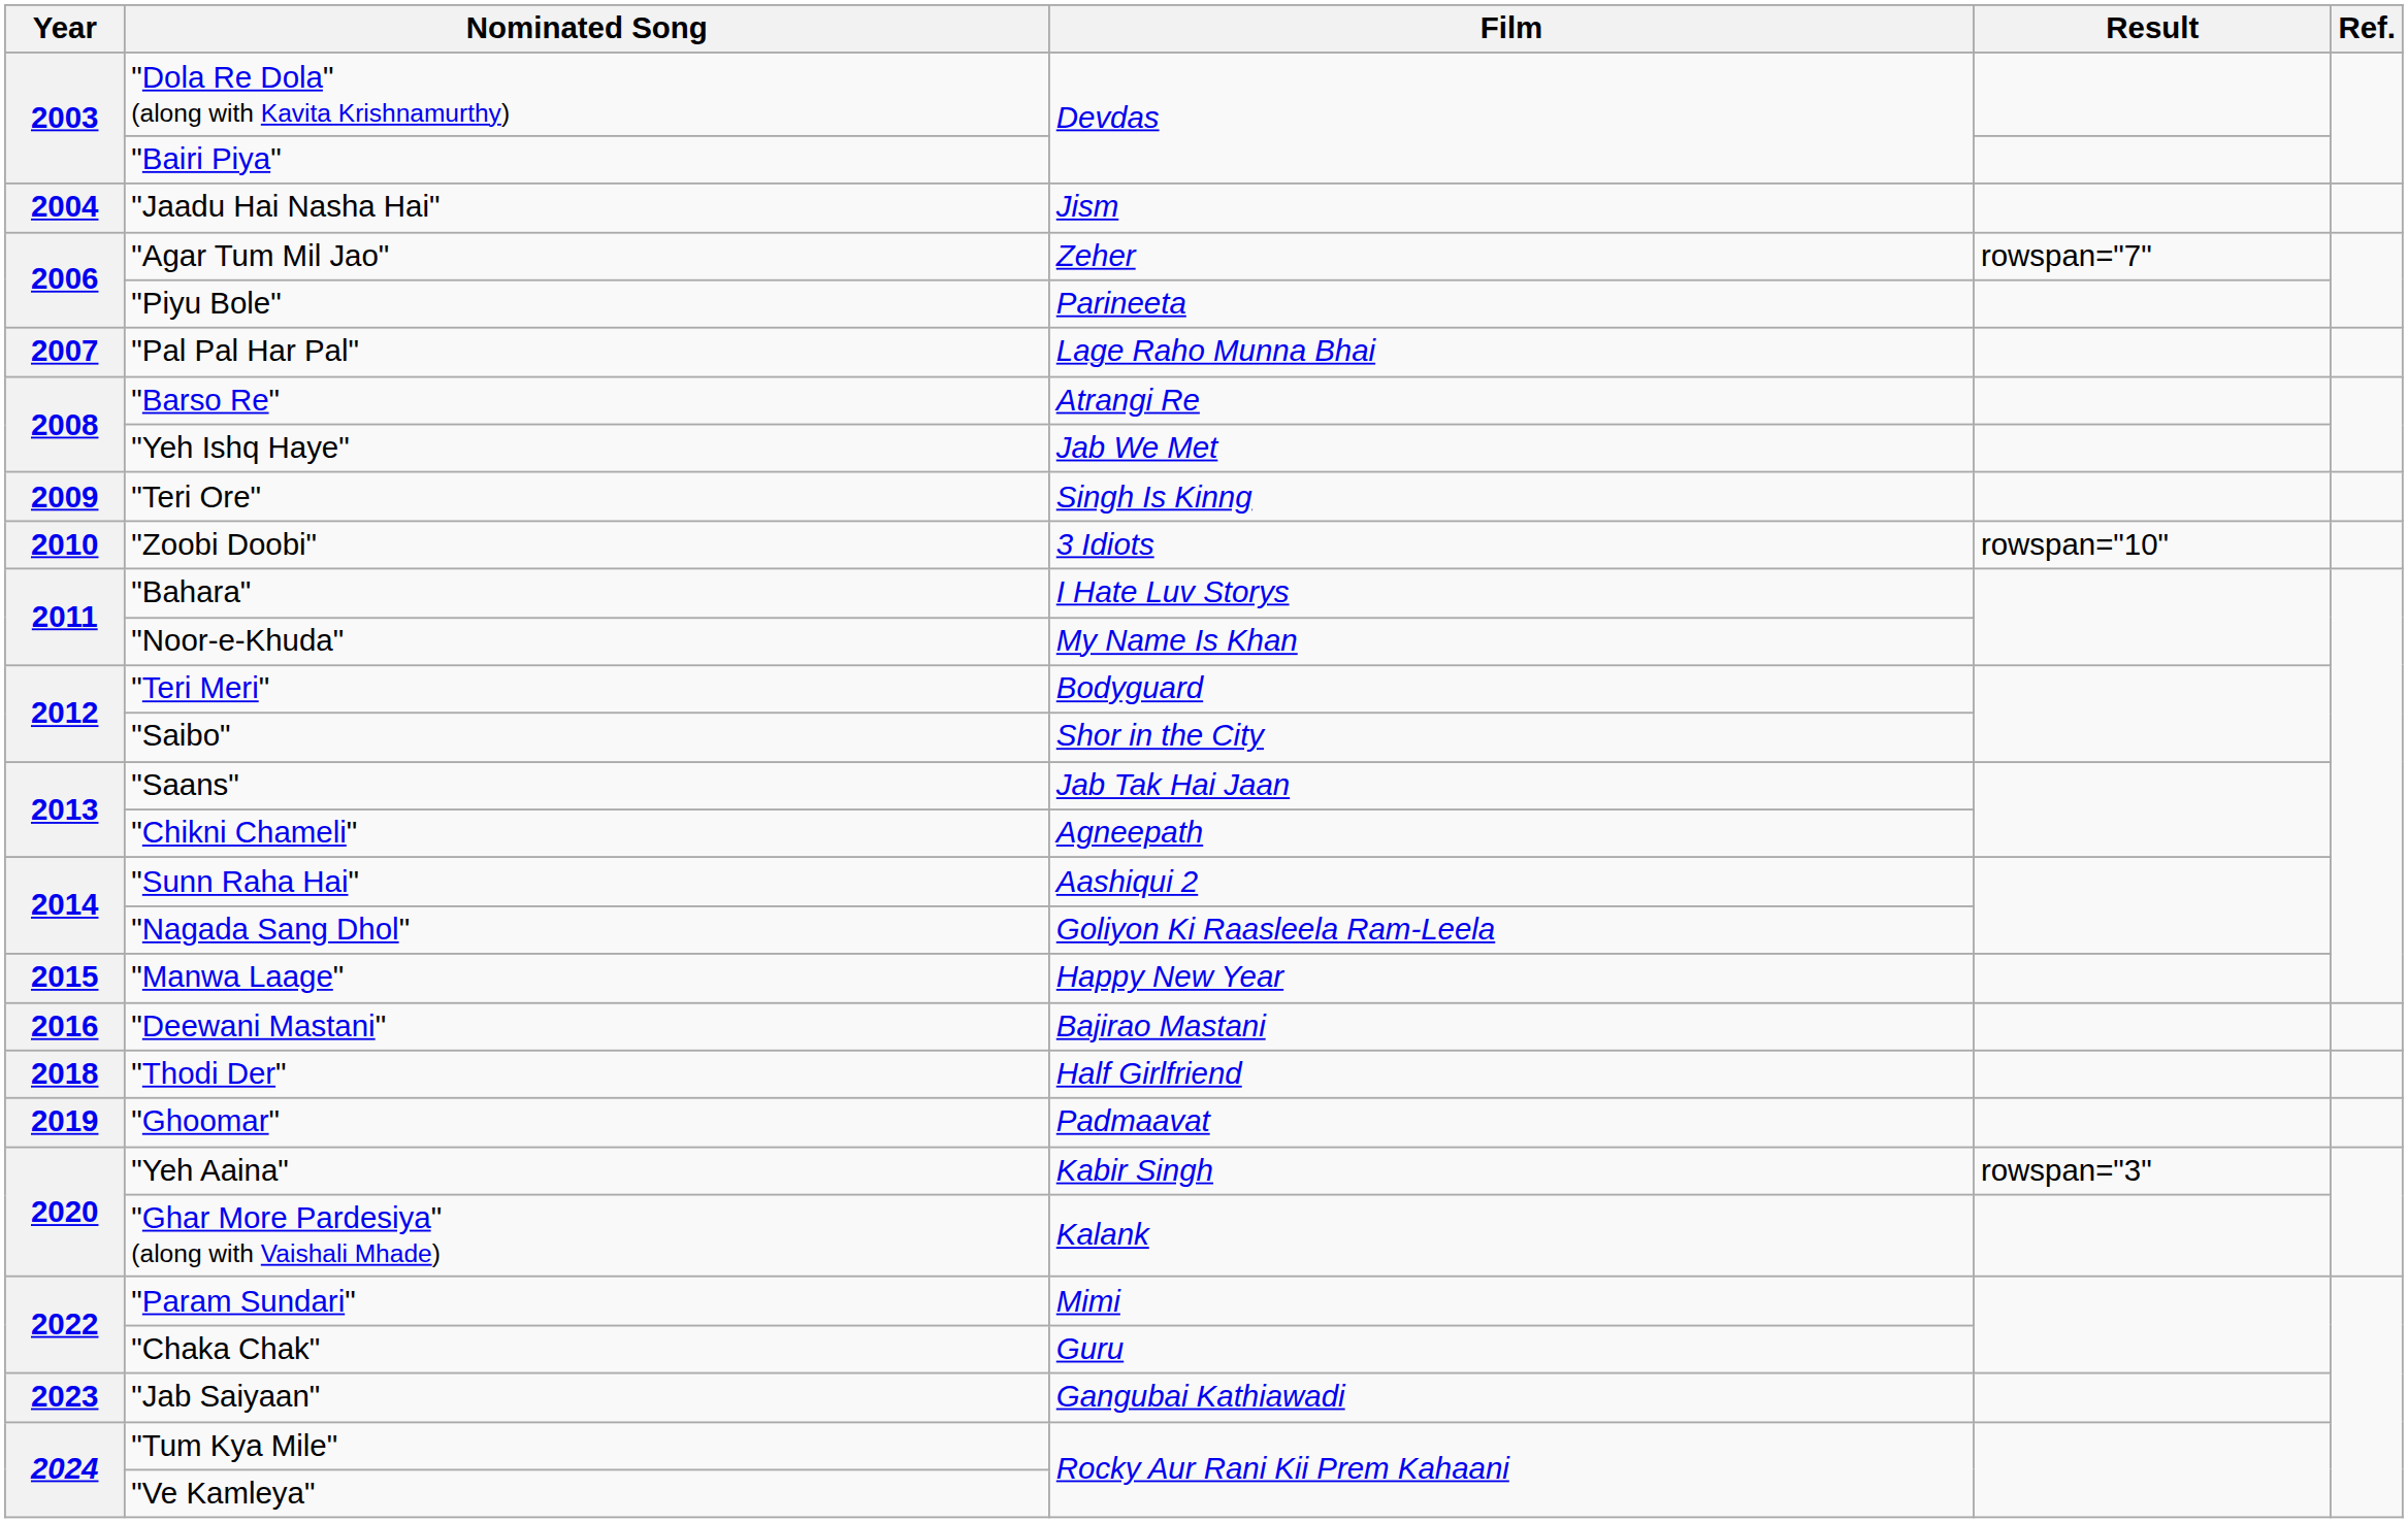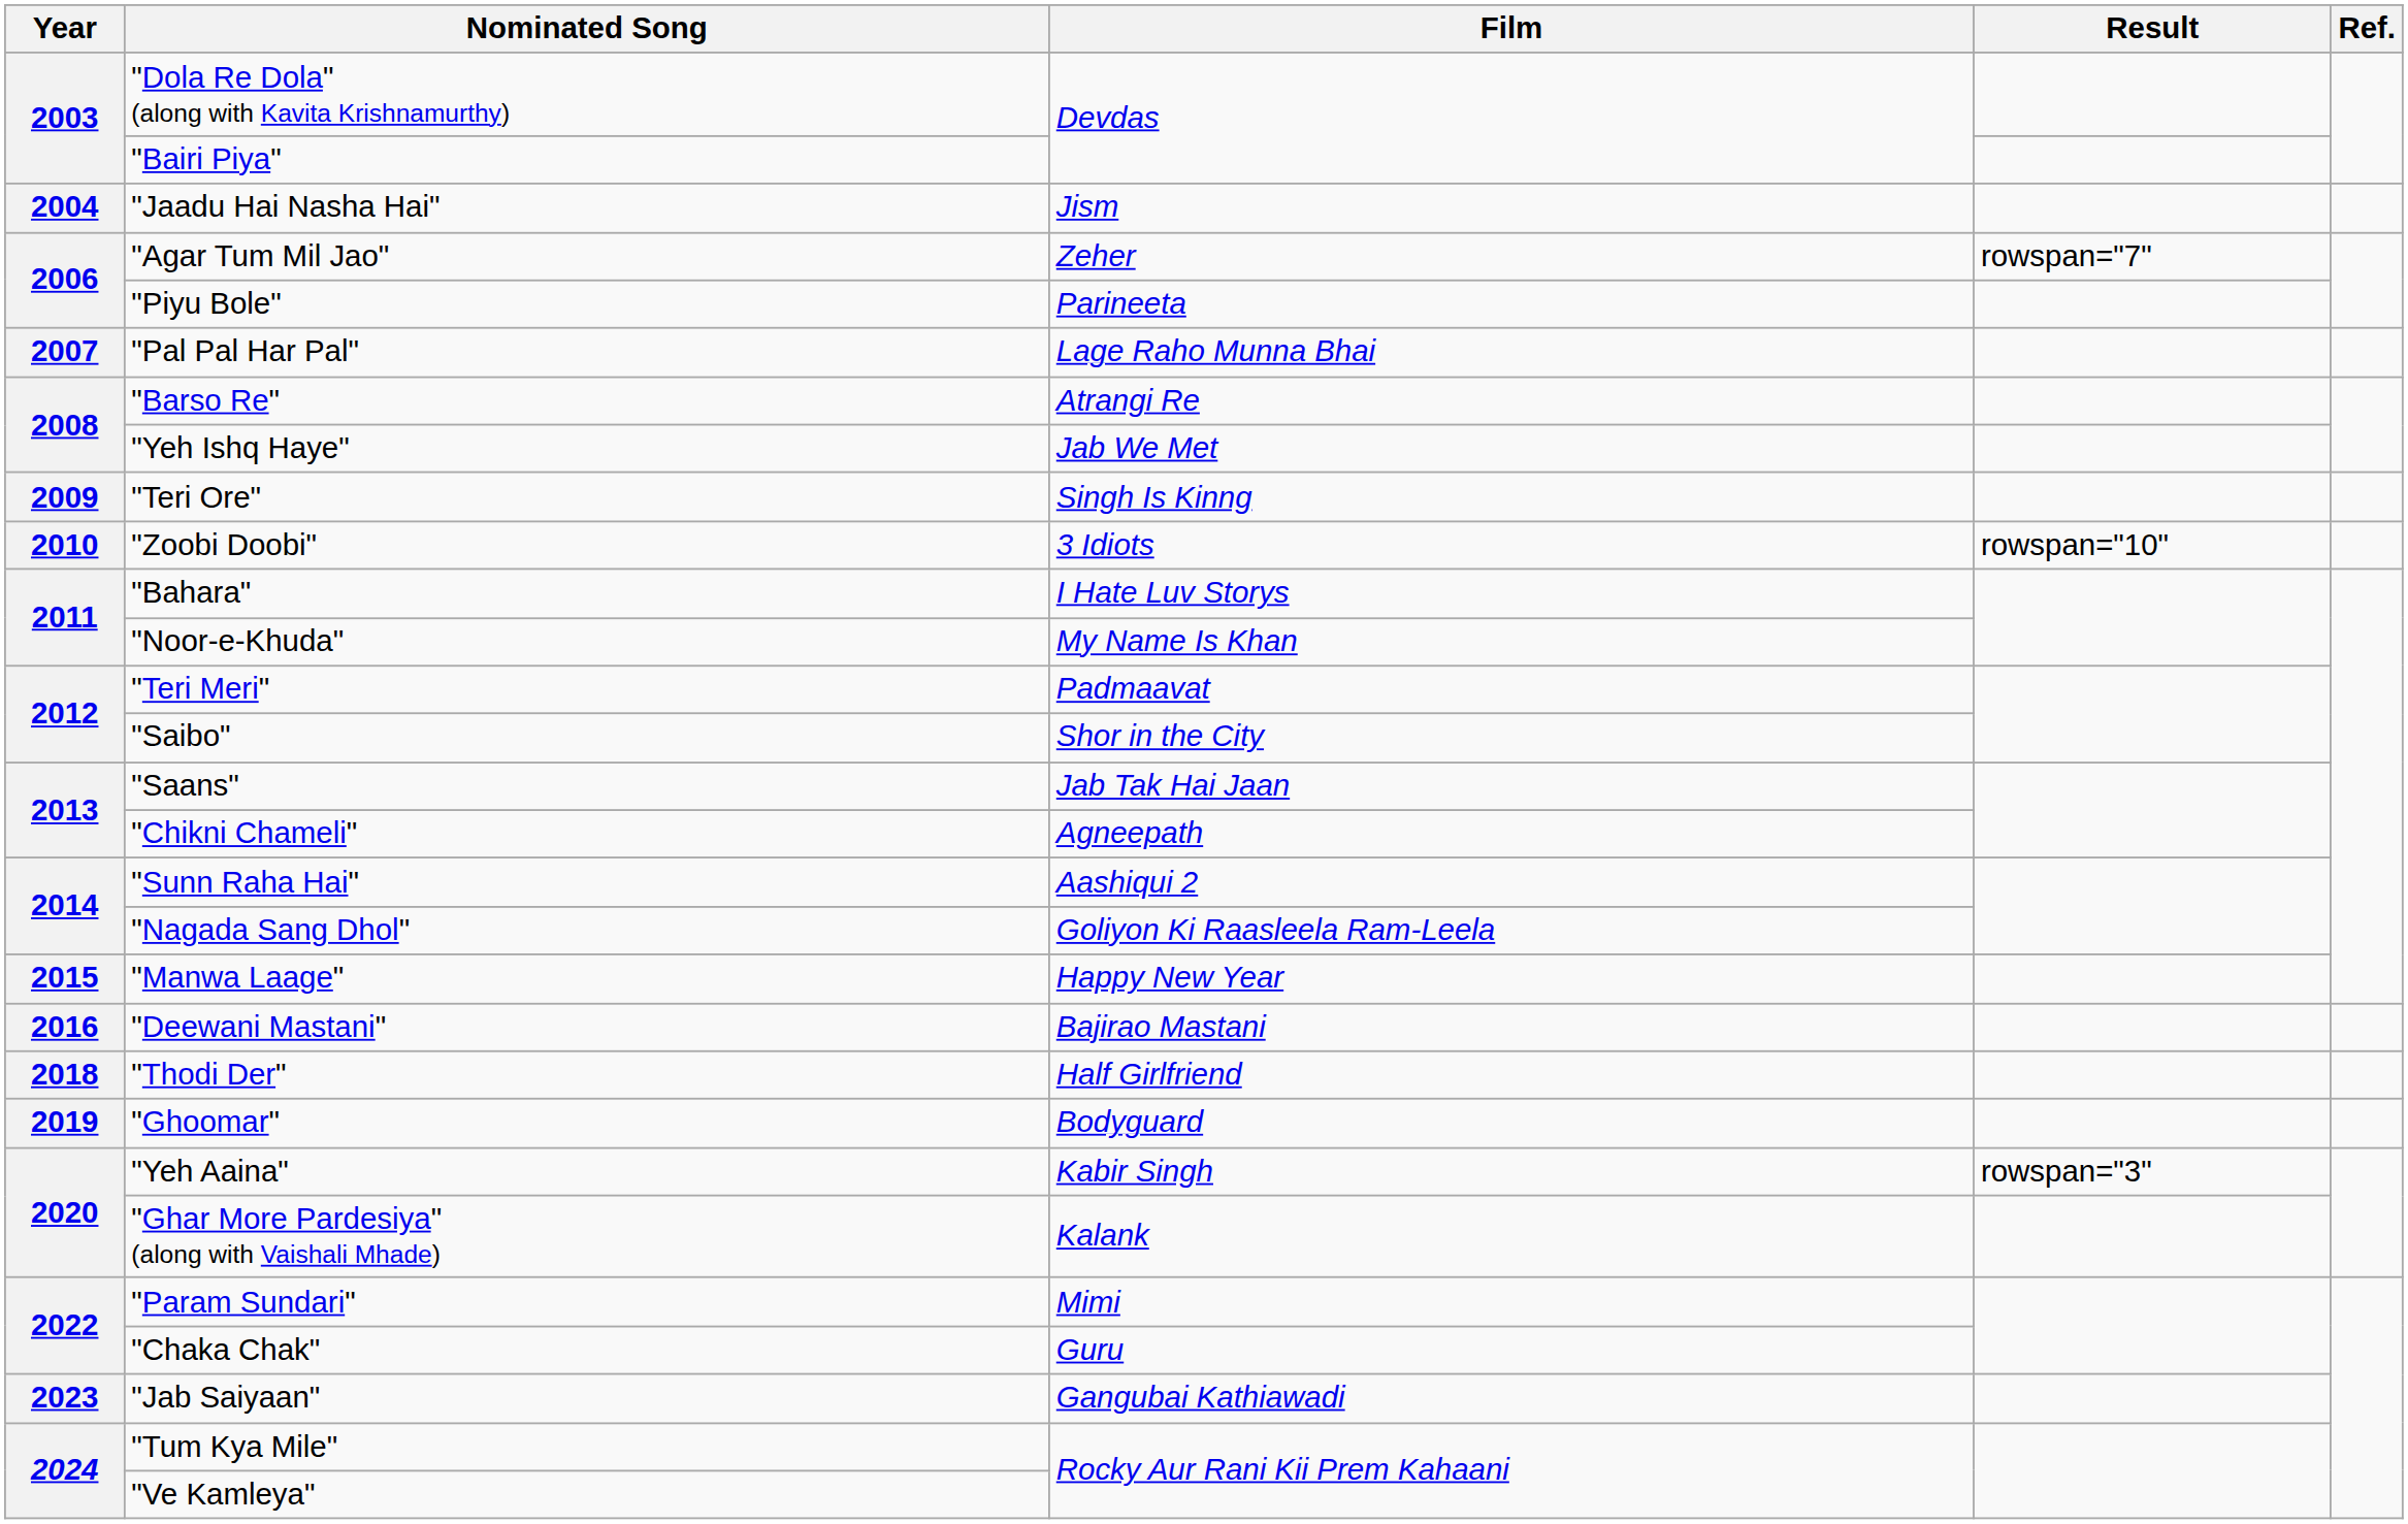 <table class="wikitable plainrowheaders" width="100%" textcolor:#000;">
 <tr>
 <th scope="col" width=5%><strong>Year</strong></th>
 <th scope="col" width=39%><strong>Nominated Song</strong></th>
 <th scope="col" width=39%><strong>Film</strong></th>
 <th scope="col" width=15%><strong>Result</strong></th>
 <th scope="col" width=2%><strong>Ref.</strong></th>
 </tr>
 <tr>
 <th scope="row" rowspan="2"><a href='#'>2003</a></th>
 <td>"<a href='#'>Dola Re Dola</a>"<br><small>(along with <a href='#'>Kavita Krishnamurthy</a>)</small></td>
 <td rowspan="2"><a href='#'><em>Devdas</em></a></td>
 <td></td>
 <td rowspan="2"></td>
 </tr>
 <tr>
 <td>"<a href='#'>Bairi Piya</a>"</td>
 <td></td>
 </tr>
 <tr>
 <th scope="row"><a href='#'>2004</a></th>
 <td>"Jaadu Hai Nasha Hai"</td>
 <td><a href='#'><em>Jism</em></a></td>
 <td></td>
 <td></td>
 </tr>
 <tr>
 <th scope="row" rowspan="2"><a href='#'>2006</a></th>
 <td>"Agar Tum Mil Jao"</td>
 <td><em><a href='#'>Zeher</a></em></td>
 <td>rowspan="7"</td>
 <td rowspan="2"></td>
 </tr>
 <tr>
 <td>"Piyu Bole"</td>
 <td><a href='#'><em>Parineeta</em></a></td>
 </tr>
 <tr>
 <th scope="row"><a href='#'>2007</a></th>
 <td>"Pal Pal Har Pal"</td>
 <td><em><a href='#'>Lage Raho Munna Bhai</a></em></td>
 <td></td>
 </tr>
 <tr>
 <th scope="row" rowspan="2"><a href='#'>2008</a></th>
 <td>"<a href='#'>Barso Re</a>"</td>
 <td><em><a href='#'>Atrangi Re</a></em></td>
 <td></td>
 <td rowspan="2"></td>
 </tr>
 <tr>
 <td>"Yeh Ishq Haye"</td>
 <td><em><a href='#'>Jab We Met</a></em></td>
 <td></td>
 </tr>
 <tr>
 <th scope="row"><a href='#'>2009</a></th>
 <td>"Teri Ore"</td>
 <td><em><a href='#'>Singh Is Kinng</a></em></td>
 <td></td>
 <td></td>
 </tr>
 <tr>
 <th scope="row"><a href='#'>2010</a></th>
 <td>"Zoobi Doobi"</td>
 <td><em><a href='#'>3 Idiots</a></em></td>
 <td>rowspan="10" </td>
 <td></td>
 </tr>
 <tr>
 <th scope="row" rowspan="2"><a href='#'>2011</a></th>
 <td>"Bahara"</td>
 <td><em><a href='#'>I Hate Luv Storys</a></em></td>
 <td rowspan="2"></td>
 </tr>
 <tr>
 <td>"Noor-e-Khuda"</td>
 <td><em><a href='#'>My Name Is Khan</a></em></td>
 </tr>
 <tr>
 <th scope="row" rowspan="2"><a href='#'>2012</a></th>
 <td>"<a href='#'>Teri Meri</a>"</td>
-<td><a href='#'><em>Bodyguard</em></a></td>
+<td><em><a href='#'>Padmaavat</a></em></td>
 <td rowspan="2"></td>
 </tr>
 <tr>
 <td>"Saibo"</td>
 <td><em><a href='#'>Shor in the City</a></em></td>
 </tr>
 <tr>
 <th scope="row" rowspan="2"><a href='#'>2013</a></th>
 <td>"Saans"</td>
 <td><em><a href='#'>Jab Tak Hai Jaan</a></em></td>
 <td rowspan="2"></td>
 </tr>
 <tr>
 <td>"<a href='#'>Chikni Chameli</a>"</td>
 <td><a href='#'><em>Agneepath</em></a></td>
 </tr>
 <tr>
 <th scope="row" rowspan="2"><a href='#'>2014</a></th>
 <td>"<a href='#'>Sunn Raha Hai</a>"</td>
 <td><em><a href='#'>Aashiqui 2</a></em></td>
 <td rowspan="2"></td>
 </tr>
 <tr>
 <td>"<a href='#'>Nagada Sang Dhol</a>"</td>
 <td><em><a href='#'>Goliyon Ki Raasleela Ram-Leela</a></em></td>
 </tr>
 <tr>
 <th scope="row"><a href='#'>2015</a></th>
 <td>"<a href='#'>Manwa Laage</a>"</td>
 <td><a href='#'><em>Happy New Year</em></a></td>
 <td></td>
 </tr>
 <tr>
 <th scope="row"><a href='#'>2016</a></th>
 <td>"<a href='#'>Deewani Mastani</a>"</td>
 <td><em><a href='#'>Bajirao Mastani</a></em></td>
 <td></td>
 <td></td>
 </tr>
 <tr>
 <th scope="row"><a href='#'>2018</a></th>
 <td>"<a href='#'>Thodi Der</a>"</td>
 <td><a href='#'><em>Half Girlfriend</em></a></td>
 <td></td>
 <td></td>
 </tr>
 <tr>
 <th scope="row"><a href='#'>2019</a></th>
 <td>"<a href='#'>Ghoomar</a>"</td>
-<td><em><a href='#'>Padmaavat</a></em></td>
+<td><a href='#'><em>Bodyguard</em></a></td>
 <td></td>
 <td></td>
 </tr>
 <tr>
 <th scope="row" rowspan="2"><a href='#'>2020</a></th>
 <td>"Yeh Aaina"</td>
 <td><em><a href='#'>Kabir Singh</a></em></td>
 <td>rowspan="3" </td>
 <td rowspan="2"></td>
 </tr>
 <tr>
 <td>"<a href='#'>Ghar More Pardesiya</a>"<br><small>(along with <a href='#'>Vaishali Mhade</a>)</small></td>
 <td><em><a href='#'>Kalank</a></em></td>
 </tr>
 <tr>
 <th scope="row" rowspan="2"><a href='#'>2022</a></th>
 <td>"<a href='#'>Param Sundari</a>"</td>
 <td><a href='#'><em>Mimi</em></a></td>
 <td rowspan="2"></td>
 </tr>
 <tr>
 <td>"Chaka Chak"</td>
 <td><a href='#'><em>Guru</em></a></td>
 </tr>
 <tr>
 <th scope="row"><a href='#'>2023</a></th>
 <td>"Jab Saiyaan"</td>
 <td><em><a href='#'>Gangubai Kathiawadi</a></em></td>
 <td></td>
 </tr>
 <tr>
 <th scope="row" rowspan="2"><em><a href='#'>2024</a></em></th>
 <td>"Tum Kya Mile"</td>
 <td rowspan="2"><em><a href='#'>Rocky Aur Rani Kii Prem Kahaani</a></em></td>
 <td rowspan="2"></td>
 </tr>
 <tr>
 <td>"Ve Kamleya"</td>
 </tr>
 </table>
